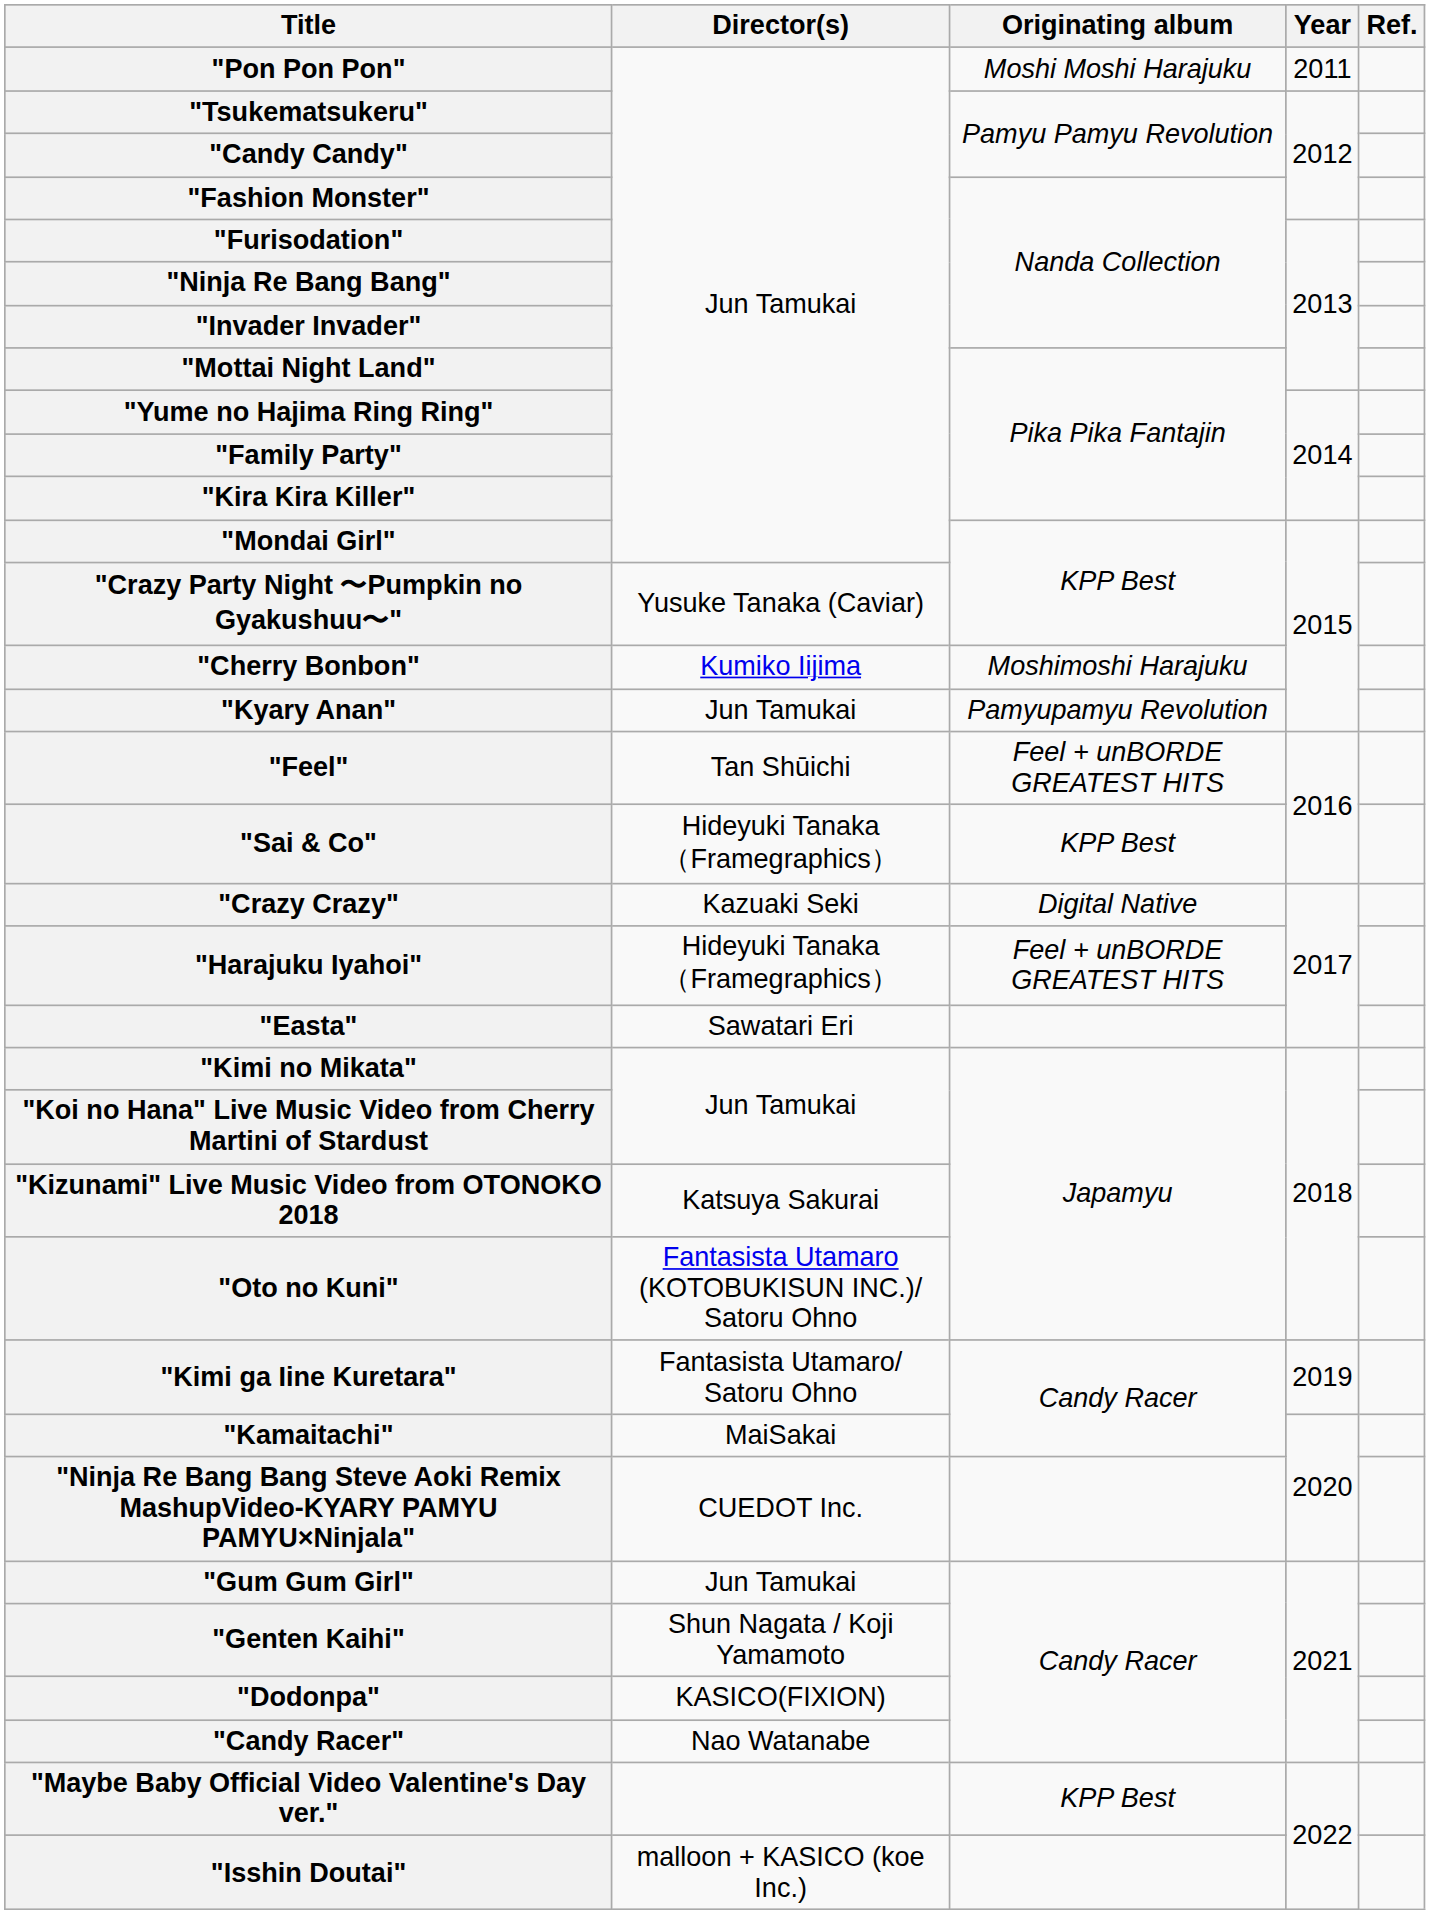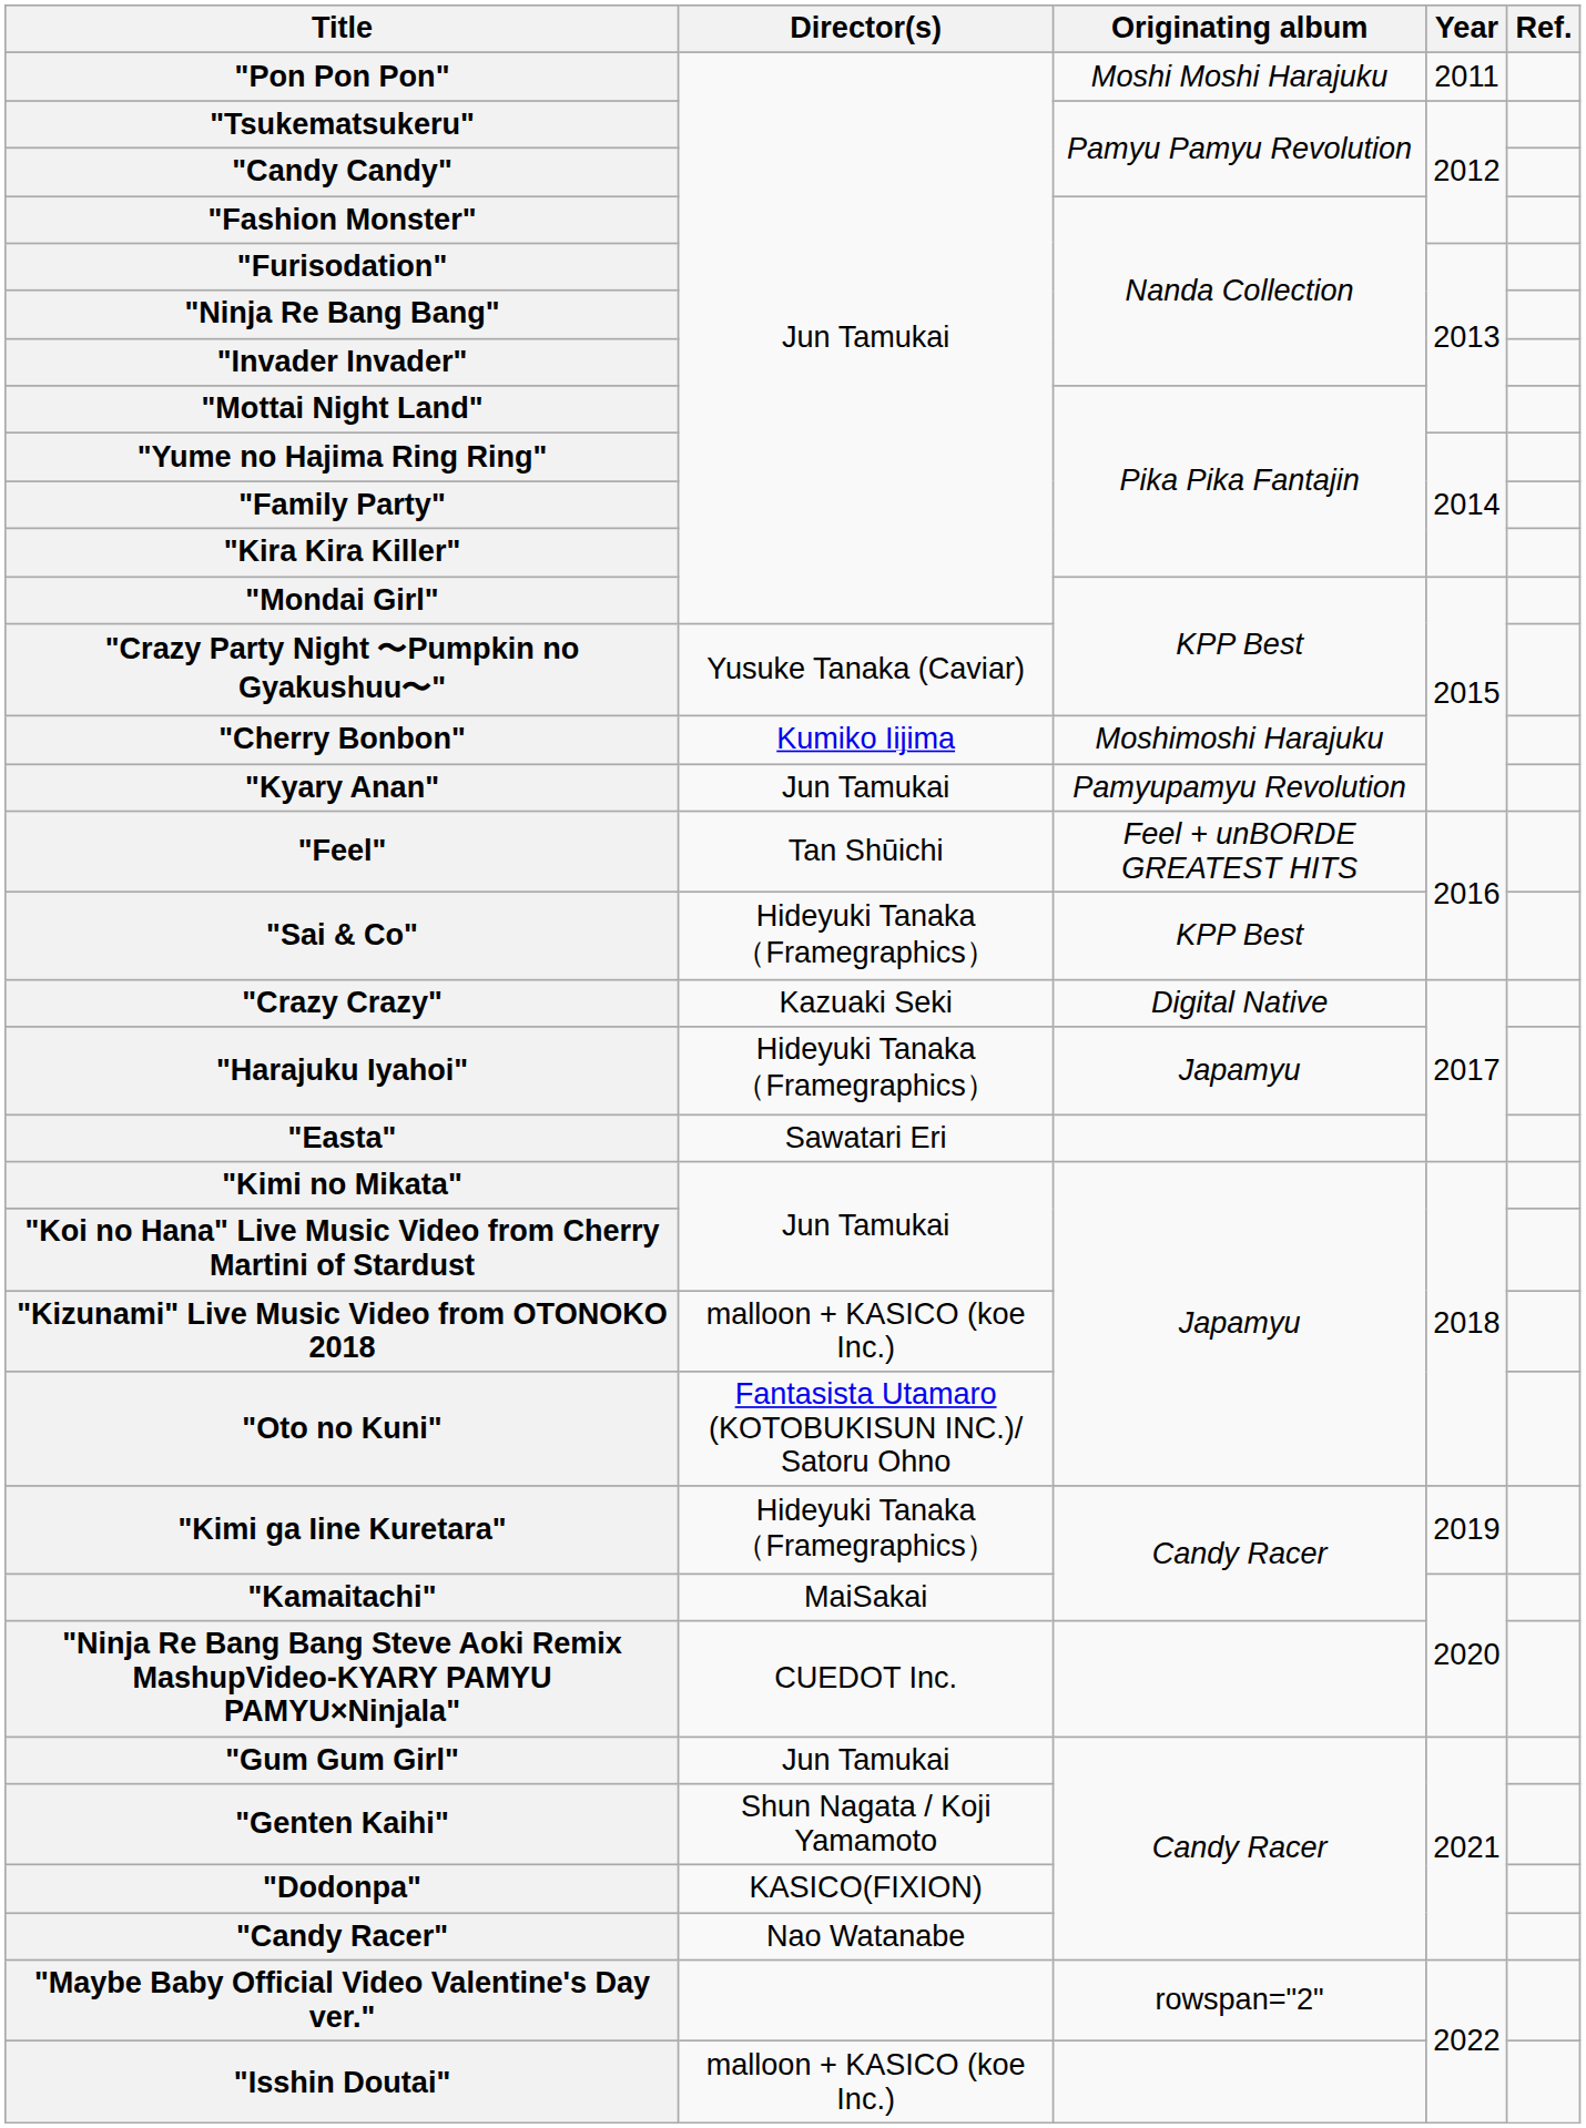 <table class="wikitable sortable plainrowheaders" style="text-align: center;">
 <tr>
 <th scope="col" style="width: 22em;">Title</th>
 <th scope="col" style="width: 12em;" class="unsortable">Director(s)</th>
 <th scope="col" style="width: 12em;">Originating album</th>
 <th scope="col" style="width: 2em;">Year</th>
 <th scope="col" style="width: 2em;" class="unsortable">Ref.</th>
 </tr>
 <tr>
 <th scope="row">"Pon Pon Pon"</th>
 <td rowspan="12">Jun Tamukai</td>
 <td><em>Moshi Moshi Harajuku</em></td>
 <td>2011</td>
 <td></td>
 </tr>
 <tr>
 <th scope="row">"Tsukematsukeru"</th>
 <td rowspan="2"><em>Pamyu Pamyu Revolution</em></td>
 <td rowspan="3">2012</td>
 <td></td>
 </tr>
 <tr>
 <th scope="row">"Candy Candy"</th>
 <td></td>
 </tr>
 <tr>
 <th scope="row">"Fashion Monster"</th>
 <td rowspan="4"><em>Nanda Collection</em></td>
 <td></td>
 </tr>
 <tr>
 <th scope="row">"Furisodation"</th>
 <td rowspan="4">2013</td>
 <td></td>
 </tr>
 <tr>
 <th scope="row">"Ninja Re Bang Bang"</th>
 <td></td>
 </tr>
 <tr>
 <th scope="row">"Invader Invader"</th>
 <td></td>
 </tr>
 <tr>
 <th scope="row">"Mottai Night Land"</th>
 <td rowspan="4"><em>Pika Pika Fantajin</em></td>
 <td></td>
 </tr>
 <tr>
 <th scope="row">"Yume no Hajima Ring Ring"</th>
 <td rowspan="3">2014</td>
 <td></td>
 </tr>
 <tr>
 <th scope="row">"Family Party"</th>
 <td></td>
 </tr>
 <tr>
 <th scope="row">"Kira Kira Killer"</th>
 <td></td>
 </tr>
 <tr>
 <th scope="row">"Mondai Girl"</th>
 <td rowspan="2"><em>KPP Best</em></td>
 <td rowspan="4">2015</td>
 <td></td>
 </tr>
 <tr>
 <th scope="row">"Crazy Party Night 〜Pumpkin no Gyakushuu〜"</th>
 <td>Yusuke Tanaka (Caviar)</td>
 <td></td>
 </tr>
 <tr>
 <th scope="row">"Cherry Bonbon"</th>
 <td><a href='#'>Kumiko Iijima</a></td>
 <td><em>Moshimoshi Harajuku</em></td>
 <td></td>
 </tr>
 <tr>
 <th scope="row">"Kyary Anan"</th>
 <td>Jun Tamukai</td>
 <td><em>Pamyupamyu Revolution</em></td>
 <td></td>
 </tr>
 <tr>
 <th scope="row">"Feel"</th>
 <td>Tan Shūichi</td>
 <td><em>Feel + unBORDE GREATEST HITS</em></td>
 <td rowspan="2">2016</td>
 <td></td>
 </tr>
 <tr>
 <th scope="row">"Sai & Co"</th>
 <td>Hideyuki Tanaka （Framegraphics）</td>
 <td><em>KPP Best</em></td>
 <td></td>
 </tr>
 <tr>
 <th scope="row">"Crazy Crazy"</th>
 <td>Kazuaki Seki</td>
 <td><em>Digital Native</em></td>
 <td rowspan="3">2017</td>
 <td></td>
 </tr>
 <tr>
 <th scope="row">"Harajuku Iyahoi"</th>
 <td>Hideyuki Tanaka （Framegraphics）</td>
-<td><em>Feel + unBORDE GREATEST HITS</em></td>
+<td><em>Japamyu</em></td>
 <td></td>
 </tr>
 <tr>
 <th scope="row">"Easta"</th>
 <td>Sawatari Eri</td>
 <td></td>
 <td></td>
 </tr>
 <tr>
 <th scope="row">"Kimi no Mikata"</th>
 <td rowspan="2">Jun Tamukai</td>
 <td rowspan="4"><em>Japamyu</em></td>
 <td rowspan="4">2018</td>
 <td></td>
 </tr>
 <tr>
 <th scope="row">"Koi no Hana" Live Music Video from Cherry Martini of Stardust</th>
 <td></td>
 </tr>
 <tr>
 <th scope="row">"Kizunami" Live Music Video from OTONOKO 2018</th>
-<td>Katsuya Sakurai</td>
+<td>malloon + KASICO (koe Inc.)</td>
 <td></td>
 </tr>
 <tr>
 <th scope="row">"Oto no Kuni"</th>
 <td><a href='#'>Fantasista Utamaro</a> (KOTOBUKISUN INC.)/ Satoru Ohno</td>
 <td></td>
 </tr>
 <tr>
 <th scope="row">"Kimi ga Iine Kuretara"</th>
-<td>Fantasista Utamaro/ Satoru Ohno</td>
+<td>Hideyuki Tanaka （Framegraphics）</td>
 <td rowspan="2"><em>Candy Racer</em></td>
 <td>2019</td>
 <td></td>
 </tr>
 <tr>
 <th scope="row">"Kamaitachi"</th>
 <td>MaiSakai</td>
 <td rowspan="2">2020</td>
 <td></td>
 </tr>
 <tr>
 <th scope="row">"Ninja Re Bang Bang Steve Aoki Remix MashupVideo-KYARY PAMYU PAMYU×Ninjala"</th>
 <td>CUEDOT Inc.</td>
 <td></td>
 <td></td>
 </tr>
 <tr>
 <th scope="row">"Gum Gum Girl"</th>
 <td>Jun Tamukai</td>
 <td rowspan="4"><em>Candy Racer</em></td>
 <td rowspan="4">2021</td>
 <td></td>
 </tr>
 <tr>
 <th scope="row">"Genten Kaihi"</th>
 <td>Shun Nagata / Koji Yamamoto</td>
 <td></td>
 </tr>
 <tr>
 <th scope="row">"Dodonpa"</th>
 <td>KASICO(FIXION)</td>
 <td></td>
 </tr>
 <tr>
 <th scope="row">"Candy Racer"</th>
 <td>Nao Watanabe</td>
 <td></td>
 </tr>
 <tr>
 <th scope="row">"Maybe Baby Official Video Valentine's Day ver."</th>
 <td></td>
-<td><em>KPP Best</em></td>
+<td>rowspan="2" </td>
 <td rowspan="2">2022</td>
 <td></td>
 </tr>
 <tr>
 <th scope="row">"Isshin Doutai"</th>
 <td>malloon + KASICO (koe Inc.)</td>
 <td></td>
 </tr>
 <tr>
 </tr>
 </table>
